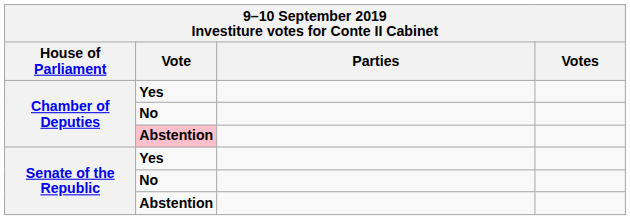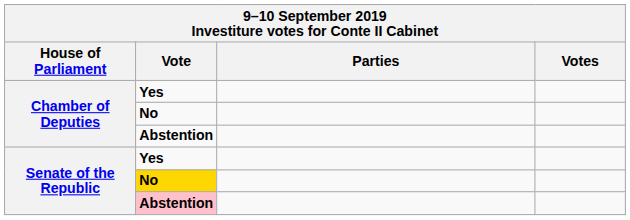 <table class="wikitable" style="font-size:85%;">
 <tr>
 <th colspan="4">9–10 September 2019<br>Investiture votes for Conte II Cabinet</th>
 </tr>
 <tr>
 <th width="120">House of <a href='#'>Parliament</a></th>
 <th width="60">Vote</th>
 <th width="300">Parties</th>
 <th width="80" align="center">Votes</th>
 </tr>
 <tr>
 <th rowspan="3"><a href='#'>Chamber of Deputies</a><br></th>
 <td> <strong>Yes</strong></td>
 <td></td>
 <td></td>
 </tr>
 <tr>
 <td> <strong>No</strong></td>
 <td></td>
 <td></td>
 </tr>
 <tr>
-<td style="background: pink;"><strong>Abstention</strong></td>
+<td><strong>Abstention</strong></td>
 <td></td>
 <td></td>
 </tr>
 <tr>
 <th rowspan="3"><a href='#'>Senate of the Republic</a><br></th>
 <td> <strong>Yes</strong></td>
 <td></td>
 <td></td>
 </tr>
 <tr>
-<td> <strong>No</strong></td>
+<td style="background: gold;"> <strong>No</strong></td>
 <td></td>
 <td></td>
 </tr>
 <tr>
-<td><strong>Abstention</strong></td>
+<td style="background: pink;"><strong>Abstention</strong></td>
 <td></td>
 <td></td>
 </tr>
 </table>
